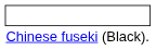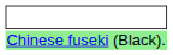 <table style="margin:1em;">
 <tr>
 <td style="border: solid thin; padding: 2px;"><br></td>
 </tr>
 <tr>
-<td style="text-align:center"><a href='#'>Chinese fuseki</a> (Black).</td>
+<td style="background: lightgreen; text-align:center"><a href='#'>Chinese fuseki</a> (Black).</td>
 </tr>
 </table>
